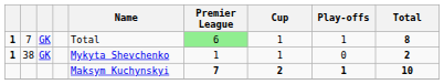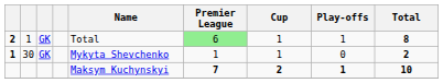 <table class="wikitable" style="text-align:center">
 <tr>
 <th width=15></th>
 <th width=15></th>
 <th width=15></th>
 <th width=15></th>
 <th width=150>Name</th>
 <th width=80><strong>Premier League</strong></th>
 <th width=80><strong>Cup</strong></th>
 <th width=80><strong>Play-offs</strong></th>
 <th width=80>Total</th>
 </tr>
 <tr>
-<td><strong>1</strong></td>
-<td>7</td>
+<td><strong>2</strong></td>
+<td>1</td>
 <td><a href='#'>GK</a></td>
 <td></td>
 <td align=left>Total</td>
 <td style="background: lightgreen;">6</td>
 <td>1</td>
 <td>1</td>
 <td><strong>8</strong></td>
 </tr>
 <tr>
 <td><strong>1</strong></td>
-<td>38</td>
+<td>30</td>
 <td><a href='#'>GK</a></td>
 <td></td>
 <td align=left><a href='#'>Mykyta Shevchenko</a></td>
 <td>1</td>
 <td>1</td>
 <td>0</td>
 <td><strong>2</strong></td>
 </tr>
 <tr>
 <td></td>
 <td></td>
 <td></td>
 <td></td>
 <td align=left><a href='#'>Maksym Kuchynskyi</a></td>
 <td><strong>7</strong></td>
 <td><strong>2</strong></td>
 <td><strong>1</strong></td>
 <td><strong>10</strong></td>
 </tr>
 <tr>
 </tr>
 </table>
